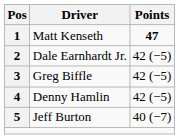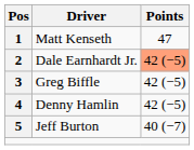 <table class="wikitable">
 <tr>
 <th scope="col">Pos</th>
 <th scope="col">Driver</th>
 <th scope="col">Points</th>
 </tr>
 <tr>
 <th scope="row">1</th>
 <td>Matt Kenseth</td>
-<td style="text-align:center;"><strong>47</strong></td>
+<td style="text-align:center;">47</td>
 </tr>
 <tr>
 <th scope="row">2</th>
 <td>Dale Earnhardt Jr.</td>
-<td style="text-align:center;">42 (−5)</td>
+<td style="background: lightsalmon; text-align:center;">42 (−5)</td>
 </tr>
 <tr>
 <th scope="row">3</th>
 <td>Greg Biffle</td>
 <td style="text-align:center;">42 (−5)</td>
 </tr>
 <tr>
 <th scope="row">4</th>
 <td>Denny Hamlin</td>
 <td style="text-align:center;">42 (−5)</td>
 </tr>
 <tr>
 <th scope="row">5</th>
 <td>Jeff Burton</td>
 <td style="text-align:center;">40 (−7)</td>
 </tr>
 <tr class="sortbottom">
 <td colspan="9"></td>
 </tr>
 </table>
